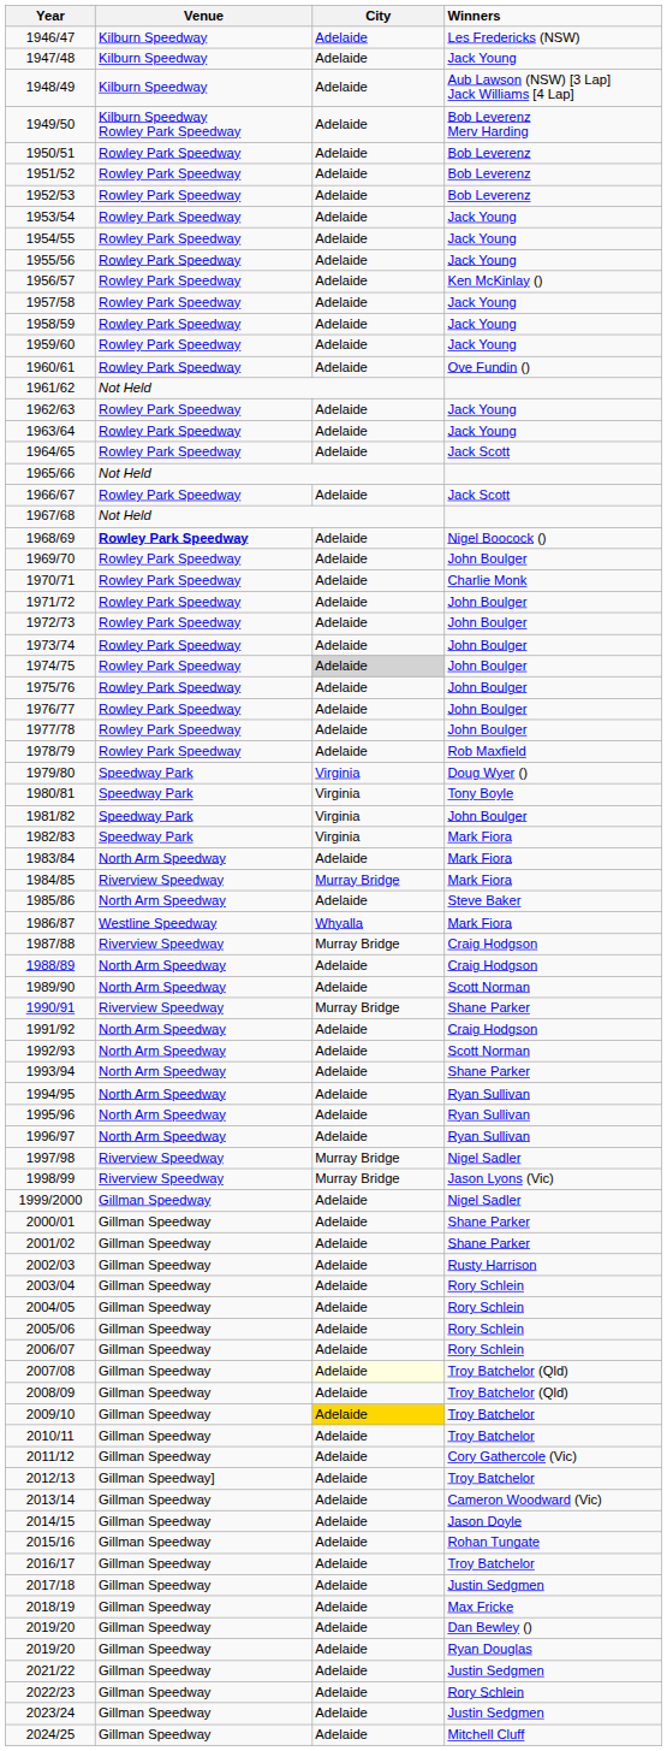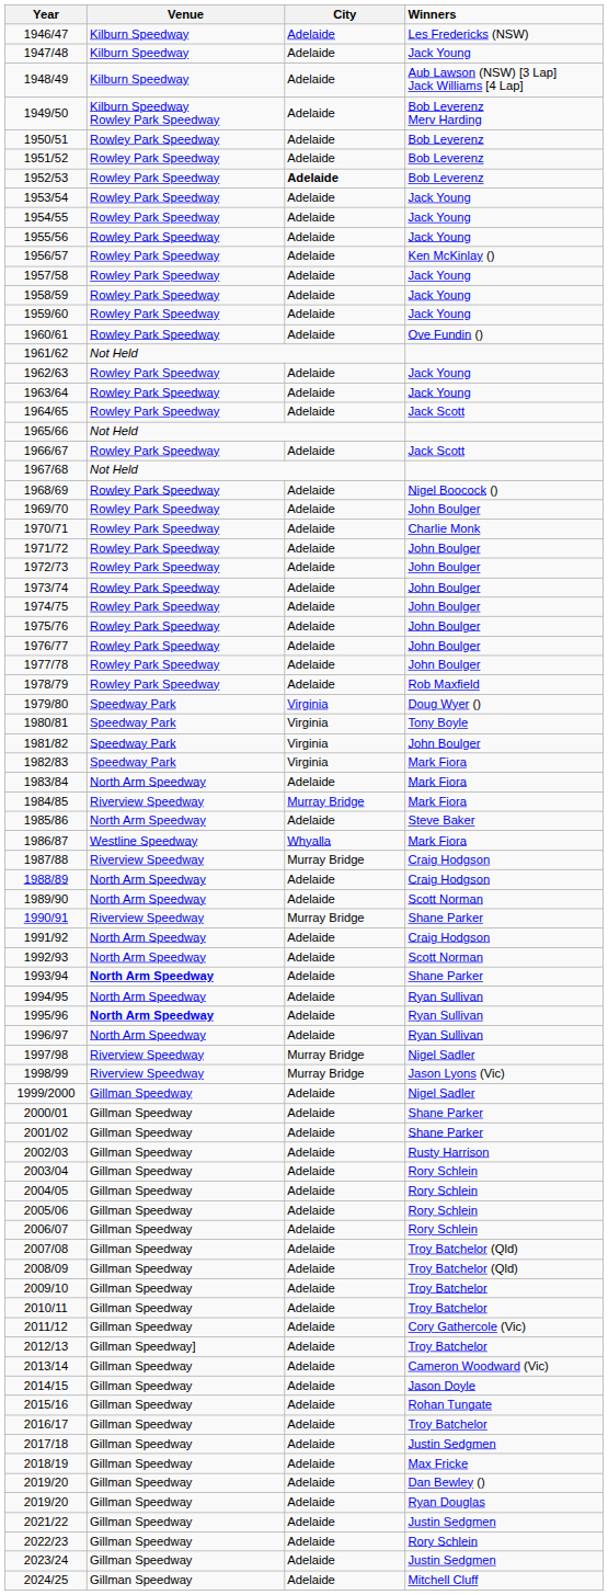 <table class="wikitable">
 <tr>
 <th width=100>Year</th>
 <th width=250>Venue</th>
 <th width=150>City</th>
 <td width=250 ><strong>Winners</strong></td>
 </tr>
 <tr>
 <td align=center>1946/47</td>
 <td><a href='#'>Kilburn Speedway</a></td>
 <td><a href='#'>Adelaide</a></td>
 <td><a href='#'>Les Fredericks</a> (NSW)</td>
 </tr>
 <tr>
 <td align=center>1947/48</td>
 <td><a href='#'>Kilburn Speedway</a></td>
 <td>Adelaide</td>
 <td><a href='#'>Jack Young</a></td>
 </tr>
 <tr>
 <td align=center>1948/49</td>
 <td><a href='#'>Kilburn Speedway</a></td>
 <td>Adelaide</td>
 <td><a href='#'>Aub Lawson</a> (NSW) [3 Lap]<br><a href='#'>Jack Williams</a> [4 Lap]</td>
 </tr>
 <tr>
 <td align=center>1949/50</td>
 <td><a href='#'>Kilburn Speedway</a><br><a href='#'>Rowley Park Speedway</a></td>
 <td>Adelaide</td>
 <td><a href='#'>Bob Leverenz</a><br><a href='#'>Merv Harding</a></td>
 </tr>
 <tr>
 <td align=center>1950/51</td>
 <td><a href='#'>Rowley Park Speedway</a></td>
 <td>Adelaide</td>
 <td><a href='#'>Bob Leverenz</a></td>
 </tr>
 <tr>
 <td align=center>1951/52</td>
 <td><a href='#'>Rowley Park Speedway</a></td>
 <td>Adelaide</td>
 <td><a href='#'>Bob Leverenz</a></td>
 </tr>
 <tr>
 <td align=center>1952/53</td>
 <td><a href='#'>Rowley Park Speedway</a></td>
-<td>Adelaide</td>
+<td><strong>Adelaide</strong></td>
 <td><a href='#'>Bob Leverenz</a></td>
 </tr>
 <tr>
 <td align=center>1953/54</td>
 <td><a href='#'>Rowley Park Speedway</a></td>
 <td>Adelaide</td>
 <td><a href='#'>Jack Young</a></td>
 </tr>
 <tr>
 <td align=center>1954/55</td>
 <td><a href='#'>Rowley Park Speedway</a></td>
 <td>Adelaide</td>
 <td><a href='#'>Jack Young</a></td>
 </tr>
 <tr>
 <td align=center>1955/56</td>
 <td><a href='#'>Rowley Park Speedway</a></td>
 <td>Adelaide</td>
 <td><a href='#'>Jack Young</a></td>
 </tr>
 <tr>
 <td align=center>1956/57</td>
 <td><a href='#'>Rowley Park Speedway</a></td>
 <td>Adelaide</td>
 <td><a href='#'>Ken McKinlay</a> ()</td>
 </tr>
 <tr>
 <td align=center>1957/58</td>
 <td><a href='#'>Rowley Park Speedway</a></td>
 <td>Adelaide</td>
 <td><a href='#'>Jack Young</a></td>
 </tr>
 <tr>
 <td align=center>1958/59</td>
 <td><a href='#'>Rowley Park Speedway</a></td>
 <td>Adelaide</td>
 <td><a href='#'>Jack Young</a></td>
 </tr>
 <tr>
 <td align=center>1959/60</td>
 <td><a href='#'>Rowley Park Speedway</a></td>
 <td>Adelaide</td>
 <td><a href='#'>Jack Young</a></td>
 </tr>
 <tr>
 <td align=center>1960/61</td>
 <td><a href='#'>Rowley Park Speedway</a></td>
 <td>Adelaide</td>
 <td><a href='#'>Ove Fundin</a> ()</td>
 </tr>
 <tr>
 <td align=center>1961/62</td>
 <td colspan=2><em>Not Held</em></td>
 </tr>
 <tr>
 <td align=center>1962/63</td>
 <td><a href='#'>Rowley Park Speedway</a></td>
 <td>Adelaide</td>
 <td><a href='#'>Jack Young</a></td>
 </tr>
 <tr>
 <td align=center>1963/64</td>
 <td><a href='#'>Rowley Park Speedway</a></td>
 <td>Adelaide</td>
 <td><a href='#'>Jack Young</a></td>
 </tr>
 <tr>
 <td align=center>1964/65</td>
 <td><a href='#'>Rowley Park Speedway</a></td>
 <td>Adelaide</td>
 <td><a href='#'>Jack Scott</a></td>
 </tr>
 <tr>
 <td align=center>1965/66</td>
 <td colspan=2><em>Not Held</em></td>
 </tr>
 <tr>
 <td align=center>1966/67</td>
 <td><a href='#'>Rowley Park Speedway</a></td>
 <td>Adelaide</td>
 <td><a href='#'>Jack Scott</a></td>
 </tr>
 <tr>
 <td align=center>1967/68</td>
 <td colspan=2><em>Not Held</em></td>
 </tr>
 <tr>
 <td align=center>1968/69</td>
-<td><strong><a href='#'>Rowley Park Speedway</a></strong></td>
+<td><a href='#'>Rowley Park Speedway</a></td>
 <td>Adelaide</td>
 <td><a href='#'>Nigel Boocock</a> ()</td>
 </tr>
 <tr>
 <td align=center>1969/70</td>
 <td><a href='#'>Rowley Park Speedway</a></td>
 <td>Adelaide</td>
 <td><a href='#'>John Boulger</a></td>
 </tr>
 <tr>
 <td align=center>1970/71</td>
 <td><a href='#'>Rowley Park Speedway</a></td>
 <td>Adelaide</td>
 <td><a href='#'>Charlie Monk</a></td>
 </tr>
 <tr>
 <td align=center>1971/72</td>
 <td><a href='#'>Rowley Park Speedway</a></td>
 <td>Adelaide</td>
 <td><a href='#'>John Boulger</a></td>
 </tr>
 <tr>
 <td align=center>1972/73</td>
 <td><a href='#'>Rowley Park Speedway</a></td>
 <td>Adelaide</td>
 <td><a href='#'>John Boulger</a></td>
 </tr>
 <tr>
 <td align=center>1973/74</td>
 <td><a href='#'>Rowley Park Speedway</a></td>
 <td>Adelaide</td>
 <td><a href='#'>John Boulger</a></td>
 </tr>
 <tr>
 <td align=center>1974/75</td>
 <td><a href='#'>Rowley Park Speedway</a></td>
-<td style="background: lightgrey;">Adelaide</td>
+<td>Adelaide</td>
 <td><a href='#'>John Boulger</a></td>
 </tr>
 <tr>
 <td align=center>1975/76</td>
 <td><a href='#'>Rowley Park Speedway</a></td>
 <td>Adelaide</td>
 <td><a href='#'>John Boulger</a></td>
 </tr>
 <tr>
 <td align=center>1976/77</td>
 <td><a href='#'>Rowley Park Speedway</a></td>
 <td>Adelaide</td>
 <td><a href='#'>John Boulger</a></td>
 </tr>
 <tr>
 <td align=center>1977/78</td>
 <td><a href='#'>Rowley Park Speedway</a></td>
 <td>Adelaide</td>
 <td><a href='#'>John Boulger</a></td>
 </tr>
 <tr>
 <td align=center>1978/79</td>
 <td><a href='#'>Rowley Park Speedway</a></td>
 <td>Adelaide</td>
 <td><a href='#'>Rob Maxfield</a></td>
 </tr>
 <tr>
 <td align=center>1979/80</td>
 <td><a href='#'>Speedway Park</a></td>
 <td><a href='#'>Virginia</a></td>
 <td><a href='#'>Doug Wyer</a> ()</td>
 </tr>
 <tr>
 <td align=center>1980/81</td>
 <td><a href='#'>Speedway Park</a></td>
 <td>Virginia</td>
 <td><a href='#'>Tony Boyle</a></td>
 </tr>
 <tr>
 <td align=center>1981/82</td>
 <td><a href='#'>Speedway Park</a></td>
 <td>Virginia</td>
 <td><a href='#'>John Boulger</a></td>
 </tr>
 <tr>
 <td align=center>1982/83</td>
 <td><a href='#'>Speedway Park</a></td>
 <td>Virginia</td>
 <td><a href='#'>Mark Fiora</a></td>
 </tr>
 <tr>
 <td align=center>1983/84</td>
 <td><a href='#'>North Arm Speedway</a></td>
 <td>Adelaide</td>
 <td><a href='#'>Mark Fiora</a></td>
 </tr>
 <tr>
 <td align=center>1984/85</td>
 <td><a href='#'>Riverview Speedway</a></td>
 <td><a href='#'>Murray Bridge</a></td>
 <td><a href='#'>Mark Fiora</a></td>
 </tr>
 <tr>
 <td align=center>1985/86</td>
 <td><a href='#'>North Arm Speedway</a></td>
 <td>Adelaide</td>
 <td><a href='#'>Steve Baker</a></td>
 </tr>
 <tr>
 <td align=center>1986/87</td>
 <td><a href='#'>Westline Speedway</a></td>
 <td><a href='#'>Whyalla</a></td>
 <td><a href='#'>Mark Fiora</a></td>
 </tr>
 <tr>
 <td align=center>1987/88</td>
 <td><a href='#'>Riverview Speedway</a></td>
 <td>Murray Bridge</td>
 <td><a href='#'>Craig Hodgson</a></td>
 </tr>
 <tr>
 <td align=center><a href='#'>1988/89</a></td>
 <td><a href='#'>North Arm Speedway</a></td>
 <td>Adelaide</td>
 <td><a href='#'>Craig Hodgson</a></td>
 </tr>
 <tr>
 <td align=center>1989/90</td>
 <td><a href='#'>North Arm Speedway</a></td>
 <td>Adelaide</td>
 <td><a href='#'>Scott Norman</a></td>
 </tr>
 <tr>
 <td align=center><a href='#'>1990/91</a></td>
 <td><a href='#'>Riverview Speedway</a></td>
 <td>Murray Bridge</td>
 <td><a href='#'>Shane Parker</a></td>
 </tr>
 <tr>
 <td align=center>1991/92</td>
 <td><a href='#'>North Arm Speedway</a></td>
 <td>Adelaide</td>
 <td><a href='#'>Craig Hodgson</a></td>
 </tr>
 <tr>
 <td align=center>1992/93</td>
 <td><a href='#'>North Arm Speedway</a></td>
 <td>Adelaide</td>
 <td><a href='#'>Scott Norman</a></td>
 </tr>
 <tr>
 <td align=center>1993/94</td>
-<td><a href='#'>North Arm Speedway</a></td>
+<td><strong><a href='#'>North Arm Speedway</a></strong></td>
 <td>Adelaide</td>
 <td><a href='#'>Shane Parker</a></td>
 </tr>
 <tr>
 <td align=center>1994/95</td>
 <td><a href='#'>North Arm Speedway</a></td>
 <td>Adelaide</td>
 <td><a href='#'>Ryan Sullivan</a></td>
 </tr>
 <tr>
 <td align=center>1995/96</td>
-<td><a href='#'>North Arm Speedway</a></td>
+<td><strong><a href='#'>North Arm Speedway</a></strong></td>
 <td>Adelaide</td>
 <td><a href='#'>Ryan Sullivan</a></td>
 </tr>
 <tr>
 <td align=center>1996/97</td>
 <td><a href='#'>North Arm Speedway</a></td>
 <td>Adelaide</td>
 <td><a href='#'>Ryan Sullivan</a></td>
 </tr>
 <tr>
 <td align=center>1997/98</td>
 <td><a href='#'>Riverview Speedway</a></td>
 <td>Murray Bridge</td>
 <td><a href='#'>Nigel Sadler</a></td>
 </tr>
 <tr>
 <td align=center>1998/99</td>
 <td><a href='#'>Riverview Speedway</a></td>
 <td>Murray Bridge</td>
 <td><a href='#'>Jason Lyons</a> (Vic)</td>
 </tr>
 <tr>
 <td align=center>1999/2000</td>
 <td><a href='#'>Gillman Speedway</a></td>
 <td>Adelaide</td>
 <td><a href='#'>Nigel Sadler</a></td>
 </tr>
 <tr>
 <td align=center>2000/01</td>
 <td>Gillman Speedway</td>
 <td>Adelaide</td>
 <td><a href='#'>Shane Parker</a></td>
 </tr>
 <tr>
 <td align=center>2001/02</td>
 <td>Gillman Speedway</td>
 <td>Adelaide</td>
 <td><a href='#'>Shane Parker</a></td>
 </tr>
 <tr>
 <td align=center>2002/03</td>
 <td>Gillman Speedway</td>
 <td>Adelaide</td>
 <td><a href='#'>Rusty Harrison</a></td>
 </tr>
 <tr>
 <td align=center>2003/04</td>
 <td>Gillman Speedway</td>
 <td>Adelaide</td>
 <td><a href='#'>Rory Schlein</a></td>
 </tr>
 <tr>
 <td align=center>2004/05</td>
 <td>Gillman Speedway</td>
 <td>Adelaide</td>
 <td><a href='#'>Rory Schlein</a></td>
 </tr>
 <tr>
 <td align=center>2005/06</td>
 <td>Gillman Speedway</td>
 <td>Adelaide</td>
 <td><a href='#'>Rory Schlein</a></td>
 </tr>
 <tr>
 <td align=center>2006/07</td>
 <td>Gillman Speedway</td>
 <td>Adelaide</td>
 <td><a href='#'>Rory Schlein</a></td>
 </tr>
 <tr>
 <td align=center>2007/08</td>
 <td>Gillman Speedway</td>
-<td style="background: lightyellow;">Adelaide</td>
+<td>Adelaide</td>
 <td><a href='#'>Troy Batchelor</a> (Qld)</td>
 </tr>
 <tr>
 <td align=center>2008/09</td>
 <td>Gillman Speedway</td>
 <td>Adelaide</td>
 <td><a href='#'>Troy Batchelor</a> (Qld)</td>
 </tr>
 <tr>
 <td align=center>2009/10</td>
 <td>Gillman Speedway</td>
-<td style="background: gold;">Adelaide</td>
+<td>Adelaide</td>
 <td><a href='#'>Troy Batchelor</a></td>
 </tr>
 <tr>
 <td align=center>2010/11</td>
 <td>Gillman Speedway</td>
 <td>Adelaide</td>
 <td><a href='#'>Troy Batchelor</a></td>
 </tr>
 <tr>
 <td align=center>2011/12</td>
 <td>Gillman Speedway</td>
 <td>Adelaide</td>
 <td><a href='#'>Cory Gathercole</a> (Vic)</td>
 </tr>
 <tr>
 <td align=center>2012/13</td>
 <td>Gillman Speedway]</td>
 <td>Adelaide</td>
 <td><a href='#'>Troy Batchelor</a></td>
 </tr>
 <tr>
 <td align=center>2013/14</td>
 <td>Gillman Speedway</td>
 <td>Adelaide</td>
 <td><a href='#'>Cameron Woodward</a> (Vic)</td>
 </tr>
 <tr>
 <td align=center>2014/15</td>
 <td>Gillman Speedway</td>
 <td>Adelaide</td>
 <td><a href='#'>Jason Doyle</a></td>
 </tr>
 <tr>
 <td align=center>2015/16</td>
 <td>Gillman Speedway</td>
 <td>Adelaide</td>
 <td><a href='#'>Rohan Tungate</a></td>
 </tr>
 <tr>
 <td align=center>2016/17</td>
 <td>Gillman Speedway</td>
 <td>Adelaide</td>
 <td><a href='#'>Troy Batchelor</a></td>
 </tr>
 <tr>
 <td align=center>2017/18</td>
 <td>Gillman Speedway</td>
 <td>Adelaide</td>
 <td><a href='#'>Justin Sedgmen</a></td>
 </tr>
 <tr>
 <td align=center>2018/19</td>
 <td>Gillman Speedway</td>
 <td>Adelaide</td>
 <td><a href='#'>Max Fricke</a></td>
 </tr>
 <tr>
 <td align=center>2019/20</td>
 <td>Gillman Speedway</td>
 <td>Adelaide</td>
 <td><a href='#'>Dan Bewley</a> ()</td>
 </tr>
 <tr>
 <td align=center>2019/20</td>
 <td>Gillman Speedway</td>
 <td>Adelaide</td>
 <td><a href='#'>Ryan Douglas</a></td>
 </tr>
 <tr>
 <td align=center>2021/22</td>
 <td>Gillman Speedway</td>
 <td>Adelaide</td>
 <td><a href='#'>Justin Sedgmen</a></td>
 </tr>
 <tr>
 <td align=center>2022/23</td>
 <td>Gillman Speedway</td>
 <td>Adelaide</td>
 <td><a href='#'>Rory Schlein</a></td>
 </tr>
 <tr>
 <td align=center>2023/24</td>
 <td>Gillman Speedway</td>
 <td>Adelaide</td>
 <td><a href='#'>Justin Sedgmen</a></td>
 </tr>
 <tr>
 <td align=center>2024/25</td>
 <td>Gillman Speedway</td>
 <td>Adelaide</td>
 <td><a href='#'>Mitchell Cluff</a></td>
 </tr>
 </table>
